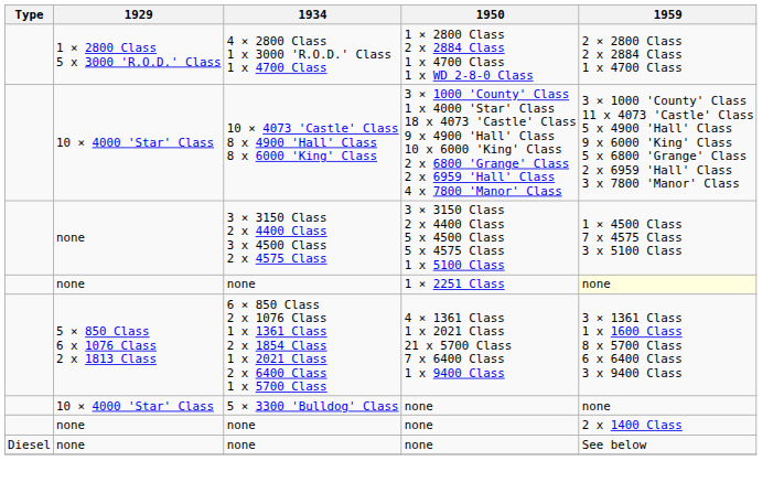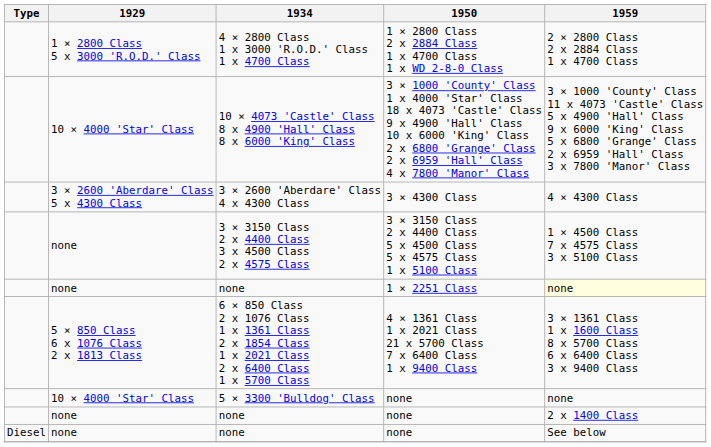 <table class="wikitable">
 <tr>
 <th>Type</th>
 <th>1929</th>
 <th>1934</th>
 <th>1950</th>
 <th>1959</th>
 </tr>
 <tr>
 <td></td>
 <td>1 × <a href='#'>2800 Class</a><br>5 x <a href='#'>3000 'R.O.D.' Class</a></td>
 <td>4 × 2800 Class<br>1 x 3000 'R.O.D.' Class<br>1 x <a href='#'>4700 Class</a></td>
 <td>1 × 2800 Class<br>2 x <a href='#'>2884 Class</a><br>1 x 4700 Class<br>1 x <a href='#'> WD 2-8-0 Class</a></td>
 <td>2 × 2800 Class<br>2 x 2884 Class<br>1 x 4700 Class</td>
 </tr>
 <tr>
 <td></td>
 <td>10 × <a href='#'>4000 'Star' Class</a></td>
 <td>10 × <a href='#'>4073 'Castle' Class</a><br>8 x <a href='#'>4900 'Hall' Class</a><br>8 x <a href='#'>6000 'King' Class</a></td>
 <td>3 × <a href='#'>1000 'County' Class</a><br>1 x 4000 'Star' Class<br>18 x 4073 'Castle' Class<br>9 x 4900 'Hall' Class<br>10 x 6000 'King' Class<br>2 x <a href='#'>6800 'Grange' Class</a><br>2 x <a href='#'>6959 'Hall' Class</a><br>4 x <a href='#'>7800 'Manor' Class</a></td>
 <td>3 × 1000 'County' Class<br>11 x 4073 'Castle' Class<br>5 x 4900 'Hall' Class<br>9 x 6000 'King' Class<br>5 x 6800 'Grange' Class<br>2 x 6959 'Hall' Class<br>3 x 7800 'Manor' Class</td>
+</tr>
+<tr>
+<td></td>
+<td>3 × <a href='#'>2600 'Aberdare' Class</a><br>5 x <a href='#'>4300 Class</a></td>
+<td>3 × 2600 'Aberdare' Class<br>4 x 4300 Class</td>
+<td>3 × 4300 Class</td>
+<td>4 × 4300 Class</td>
 </tr>
 <tr>
 <td></td>
 <td>none</td>
 <td>3 × 3150 Class<br>2 x <a href='#'>4400 Class</a><br>3 x 4500 Class<br>2 x <a href='#'>4575 Class</a></td>
 <td>3 × 3150 Class<br>2 x 4400 Class<br>5 x 4500 Class<br>5 x 4575 Class<br>1 x <a href='#'>5100 Class</a></td>
 <td>1 × 4500 Class<br>7 x 4575 Class<br>3 x 5100 Class</td>
 </tr>
 <tr>
 <td></td>
 <td>none</td>
 <td>none</td>
 <td>1 × <a href='#'>2251 Class</a></td>
 <td style="background: lightyellow;">none</td>
 </tr>
 <tr>
 <td></td>
 <td>5 × <a href='#'>850 Class</a><br>6 x <a href='#'>1076 Class</a><br>2 x <a href='#'>1813 Class</a></td>
 <td>6 × 850 Class<br>2 x 1076 Class<br>1 x <a href='#'>1361 Class</a><br>2 x <a href='#'>1854 Class</a><br>1 x <a href='#'>2021 Class</a><br>2 x <a href='#'>6400 Class</a><br>1 x <a href='#'>5700 Class</a></td>
 <td>4 × 1361 Class<br>1 x 2021 Class<br>21 x 5700 Class<br>7 x 6400 Class<br>1 x <a href='#'>9400 Class</a></td>
 <td>3 × 1361 Class<br>1 x <a href='#'>1600 Class</a><br>8 x 5700 Class<br>6 x 6400 Class<br>3 x 9400 Class</td>
 </tr>
 <tr>
 <td></td>
 <td>10 × <a href='#'>4000 'Star' Class</a></td>
 <td>5 × <a href='#'>3300 'Bulldog' Class</a></td>
 <td>none</td>
 <td>none</td>
 </tr>
 <tr>
 <td></td>
 <td>none</td>
 <td>none</td>
 <td>none</td>
 <td>2 x <a href='#'>1400 Class</a></td>
 </tr>
 <tr>
 <td>Diesel</td>
 <td>none</td>
 <td>none</td>
 <td>none</td>
 <td>See below</td>
 </tr>
 <tr>
 </tr>
 </table>
